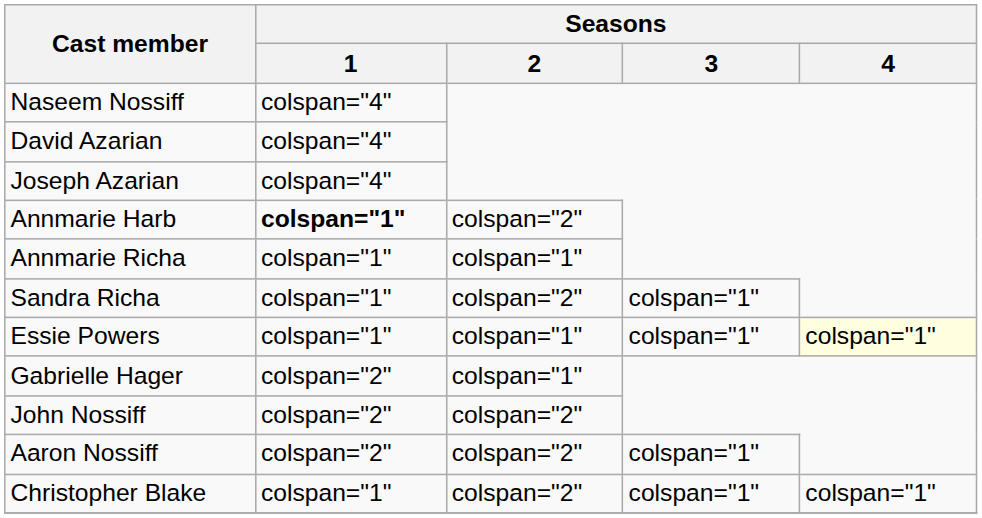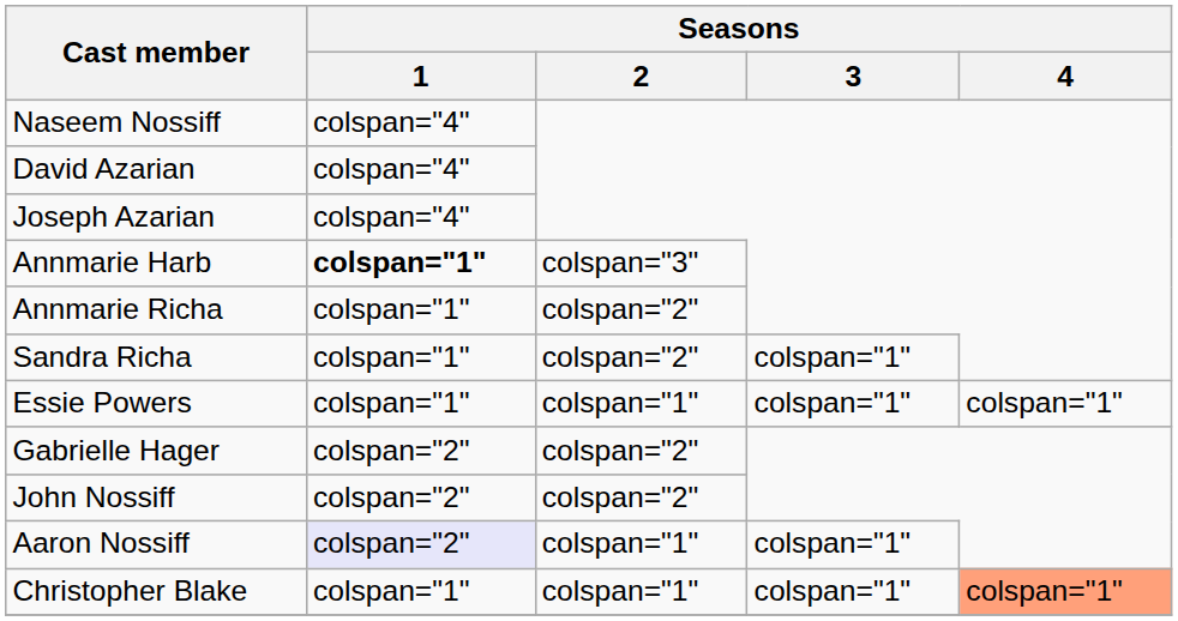 <table class="wikitable plainrowheaders" style="width:50%;">
 <tr>
 <th rowspan="2" style="width:15%;">Cast member</th>
 <th colspan="5">Seasons</th>
 </tr>
 <tr>
 <th style="width:5%;">1</th>
 <th style="width:5%;">2</th>
 <th style="width:5%;">3</th>
 <th style="width:5%;">4</th>
 </tr>
 <tr>
 <td>Naseem Nossiff</td>
 <td>colspan="4" </td>
 </tr>
 <tr>
 <td>David Azarian</td>
 <td>colspan="4" </td>
 </tr>
 <tr>
 <td>Joseph Azarian</td>
 <td>colspan="4" </td>
 </tr>
 <tr>
 <td>Annmarie Harb</td>
 <td><strong>colspan="1" </strong></td>
-<td>colspan="2" </td>
+<td>colspan="3" </td>
 </tr>
 <tr>
 <td>Annmarie Richa</td>
 <td>colspan="1" </td>
-<td>colspan="1" </td>
+<td>colspan="2" </td>
 </tr>
 <tr>
 <td>Sandra Richa</td>
 <td>colspan="1" </td>
 <td>colspan="2" </td>
 <td>colspan="1" </td>
 </tr>
 <tr>
 <td>Essie Powers</td>
 <td>colspan="1" </td>
 <td>colspan="1" </td>
 <td>colspan="1" </td>
-<td style="background: lightyellow;">colspan="1" </td>
+<td>colspan="1" </td>
 </tr>
 <tr>
 <td>Gabrielle Hager</td>
 <td>colspan="2" </td>
-<td>colspan="1" </td>
+<td>colspan="2" </td>
 </tr>
 <tr>
 <td>John Nossiff</td>
 <td>colspan="2" </td>
 <td>colspan="2" </td>
 </tr>
 <tr>
 <td>Aaron Nossiff</td>
-<td>colspan="2" </td>
-<td>colspan="2" </td>
+<td style="background: lavender;">colspan="2" </td>
+<td>colspan="1" </td>
 <td>colspan="1" </td>
 </tr>
 <tr>
 <td>Christopher Blake</td>
 <td>colspan="1" </td>
-<td>colspan="2" </td>
 <td>colspan="1" </td>
 <td>colspan="1" </td>
+<td style="background: lightsalmon;">colspan="1" </td>
 </tr>
 <tr>
 </tr>
 </table>
